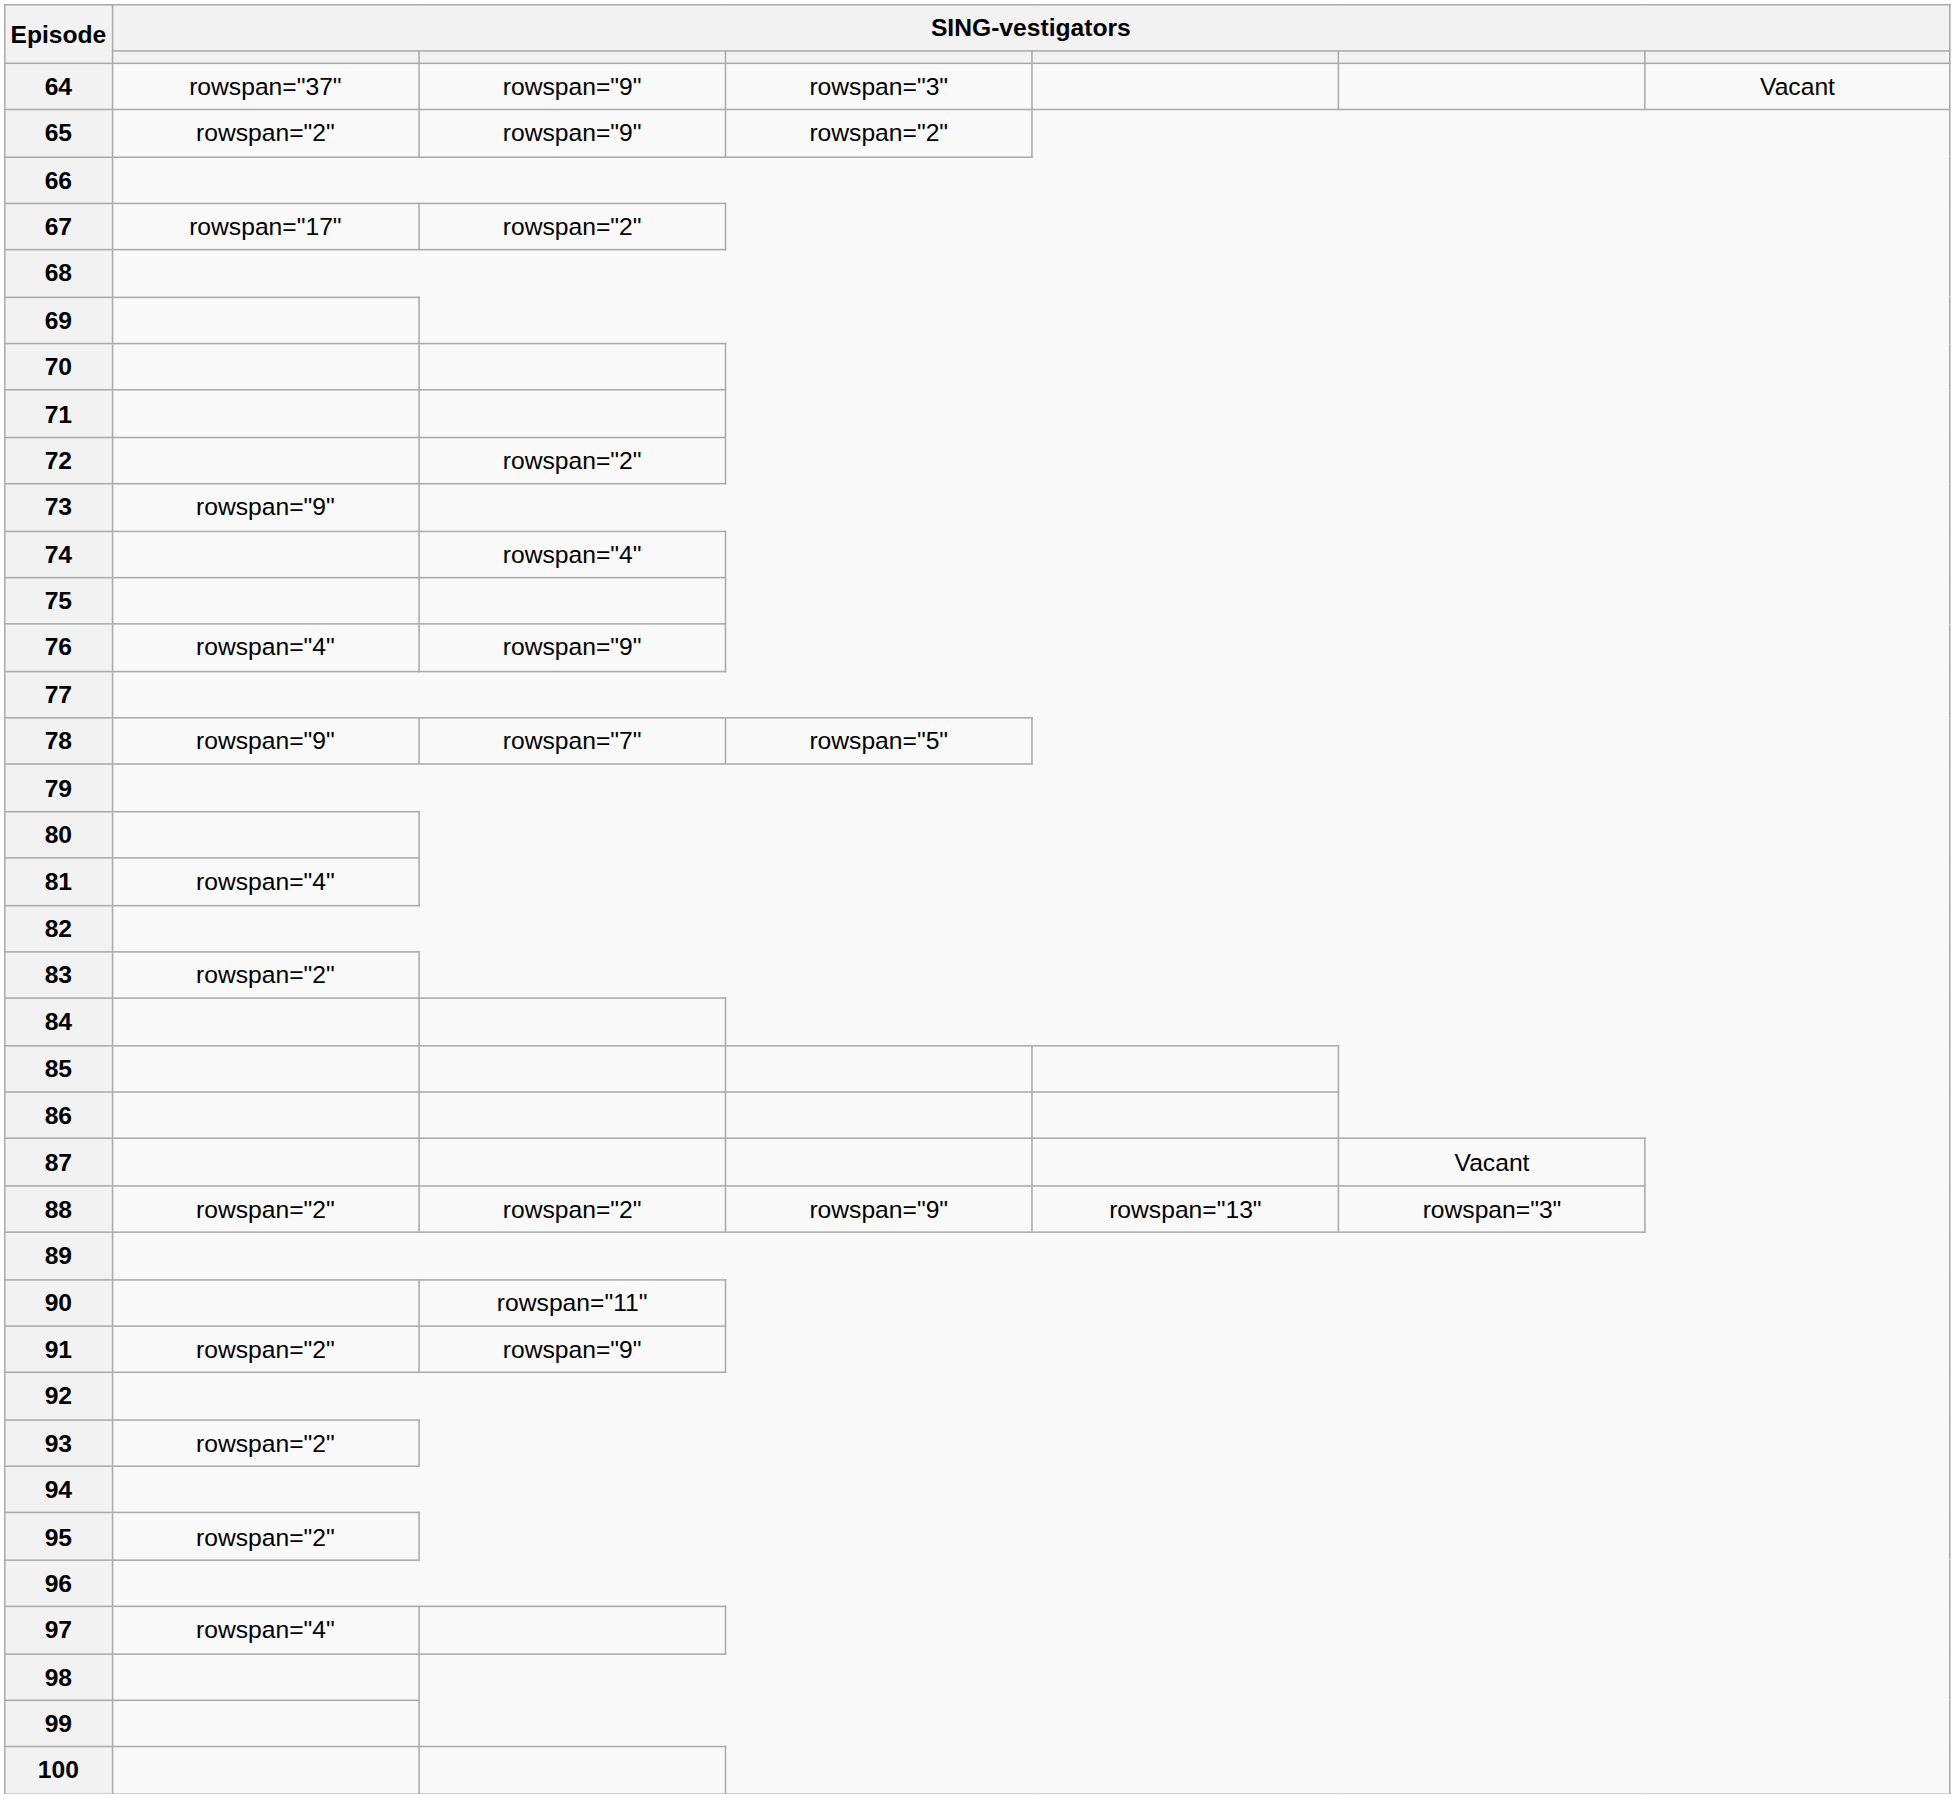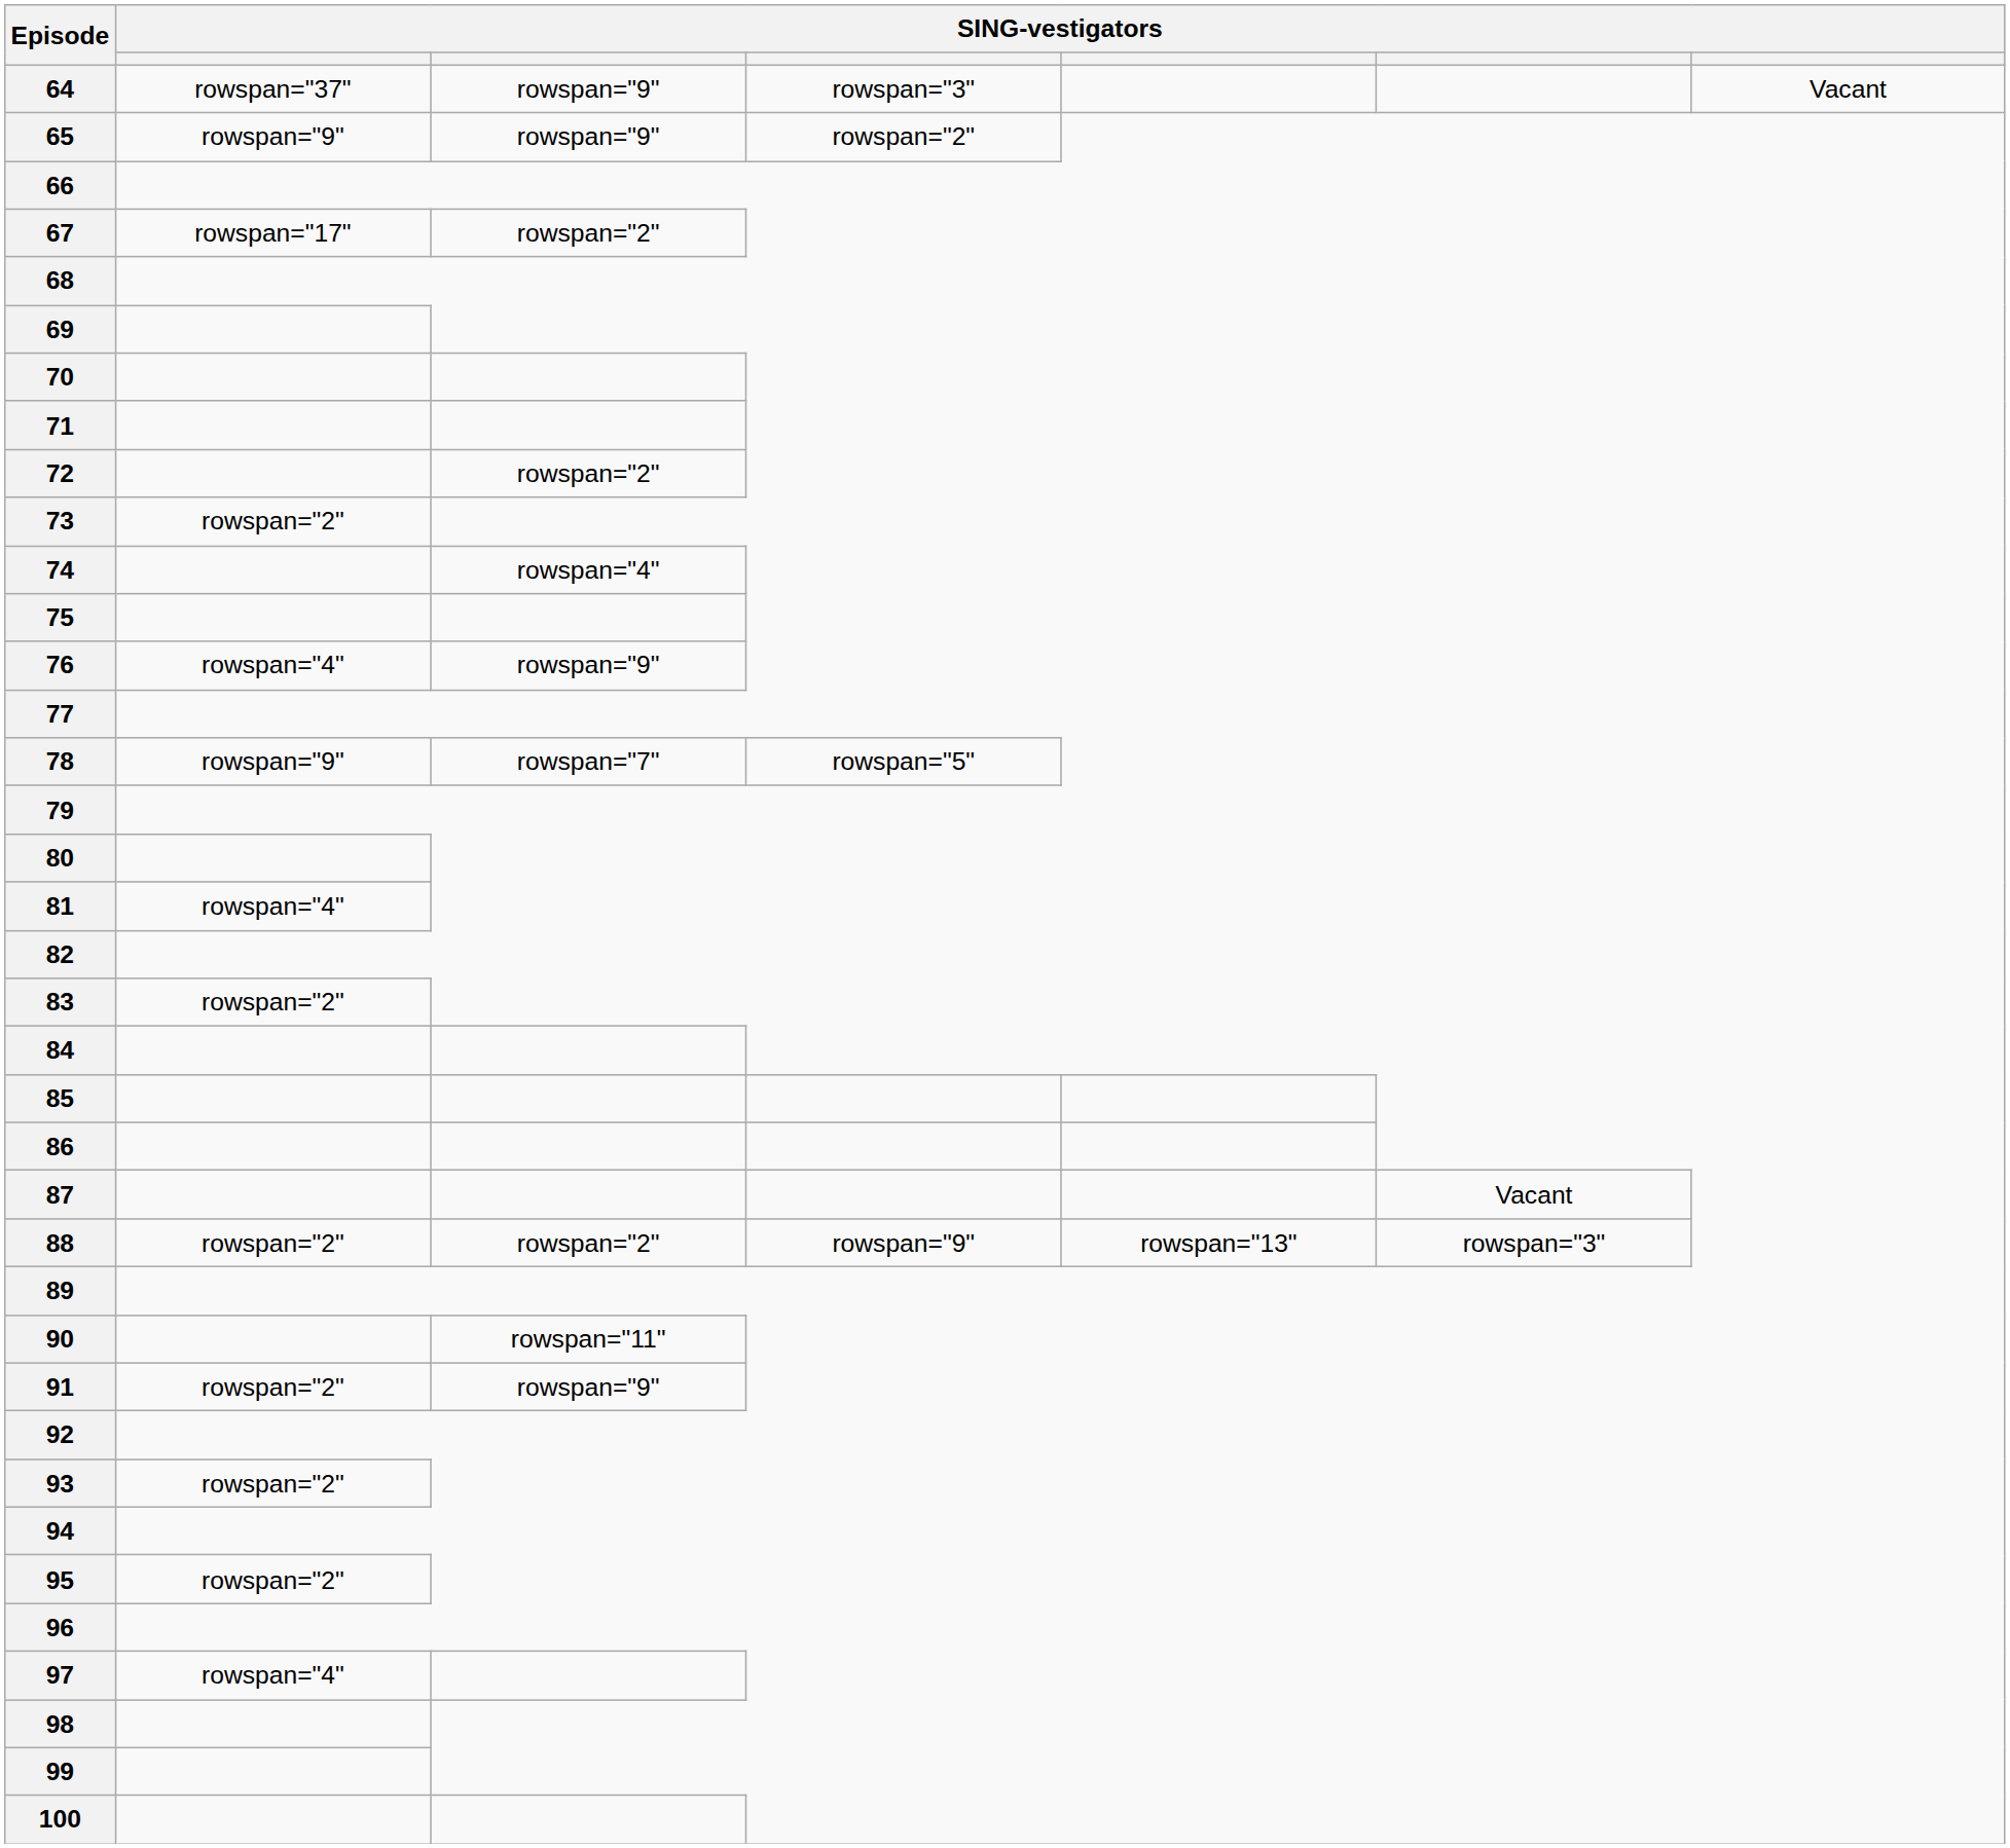 <table class="wikitable plainrowheaders mw-collapsible" style="text-align:center; line-height:23px; width:100%;">
 <tr>
 <th rowspan="2" width="1%">Episode</th>
 <th colspan="6">SING-vestigators</th>
 </tr>
 <tr>
 <th width="16%"></th>
 <th width="16%"></th>
 <th width="16%"></th>
 <th width="16%"></th>
 <th width="16%"></th>
 <th width="16%"></th>
 </tr>
 <tr>
 <th>64</th>
 <td>rowspan="37" </td>
 <td>rowspan="9" </td>
 <td>rowspan="3" </td>
 <td></td>
 <td></td>
 <td> Vacant</td>
 </tr>
 <tr>
 <th>65</th>
-<td>rowspan="2" </td>
+<td>rowspan="9" </td>
 <td>rowspan="9" </td>
 <td>rowspan="2" </td>
 </tr>
 <tr>
 <th>66</th>
 </tr>
 <tr>
 <th>67</th>
 <td>rowspan="17" </td>
 <td>rowspan="2" </td>
 </tr>
 <tr>
 <th>68</th>
 </tr>
 <tr>
 <th>69</th>
 <td></td>
 </tr>
 <tr>
 <th>70</th>
 <td></td>
 <td></td>
 </tr>
 <tr>
 <th>71</th>
 <td></td>
 <td></td>
 </tr>
 <tr>
 <th>72</th>
 <td></td>
 <td>rowspan="2" </td>
 </tr>
 <tr>
 <th>73</th>
-<td>rowspan="9" </td>
+<td>rowspan="2" </td>
 </tr>
 <tr>
 <th>74</th>
 <td></td>
 <td>rowspan="4" </td>
 </tr>
 <tr>
 <th>75</th>
 <td></td>
 <td></td>
 </tr>
 <tr>
 <th>76</th>
 <td>rowspan="4" </td>
 <td>rowspan="9" </td>
 </tr>
 <tr>
 <th>77</th>
 </tr>
 <tr>
 <th>78</th>
 <td>rowspan="9" </td>
 <td>rowspan="7" </td>
 <td>rowspan="5" </td>
 </tr>
 <tr>
 <th>79</th>
 </tr>
 <tr>
 <th>80</th>
 <td></td>
 </tr>
 <tr>
 <th>81</th>
 <td>rowspan="4" </td>
 </tr>
 <tr>
 <th>82</th>
 </tr>
 <tr>
 <th>83</th>
 <td>rowspan="2" </td>
 </tr>
 <tr>
 <th>84</th>
 <td></td>
 <td></td>
 </tr>
 <tr>
 <th>85</th>
 <td></td>
 <td></td>
 <td></td>
 <td></td>
 </tr>
 <tr>
 <th>86</th>
 <td></td>
 <td></td>
 <td></td>
 <td></td>
 </tr>
 <tr>
 <th>87</th>
 <td></td>
 <td></td>
 <td></td>
 <td></td>
 <td> Vacant</td>
 </tr>
 <tr>
 <th>88</th>
 <td>rowspan="2" </td>
 <td>rowspan="2" </td>
 <td>rowspan="9" </td>
 <td>rowspan="13" </td>
 <td>rowspan="3" </td>
 </tr>
 <tr>
 <th>89</th>
 </tr>
 <tr>
 <th>90</th>
 <td></td>
 <td>rowspan="11" </td>
 </tr>
 <tr>
 <th>91</th>
 <td>rowspan="2" </td>
 <td>rowspan="9" </td>
 </tr>
 <tr>
 <th>92</th>
 </tr>
 <tr>
 <th>93</th>
 <td>rowspan="2" </td>
 </tr>
 <tr>
 <th>94</th>
 </tr>
 <tr>
 <th>95</th>
 <td>rowspan="2" </td>
 </tr>
 <tr>
 <th>96</th>
 </tr>
 <tr>
 <th>97</th>
 <td>rowspan="4" </td>
 <td></td>
 </tr>
 <tr>
 <th>98</th>
 <td></td>
 </tr>
 <tr>
 <th>99</th>
 <td></td>
 </tr>
 <tr>
 <th>100</th>
 <td></td>
 <td></td>
 </tr>
 </table>
